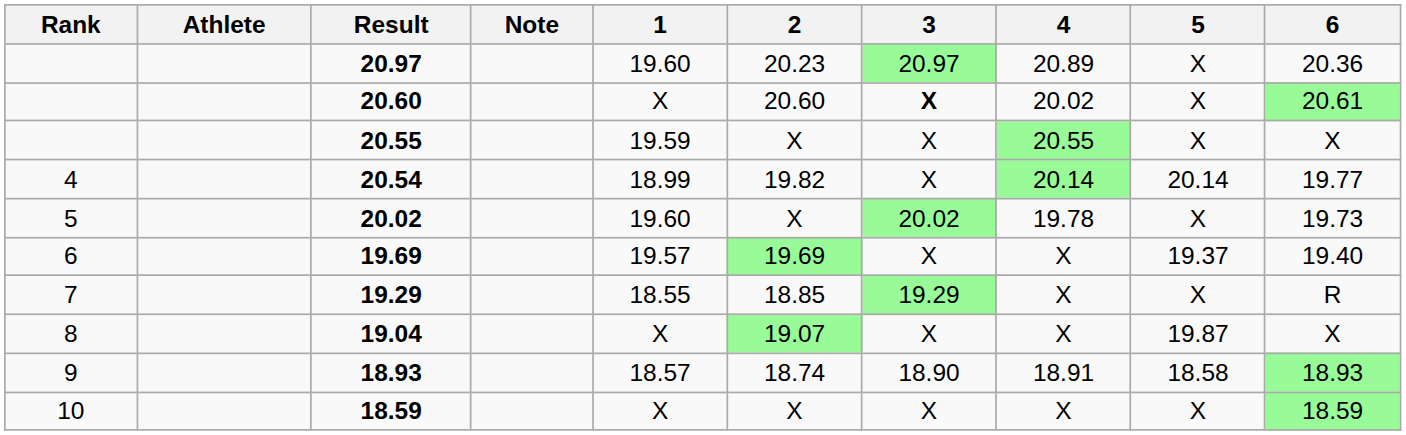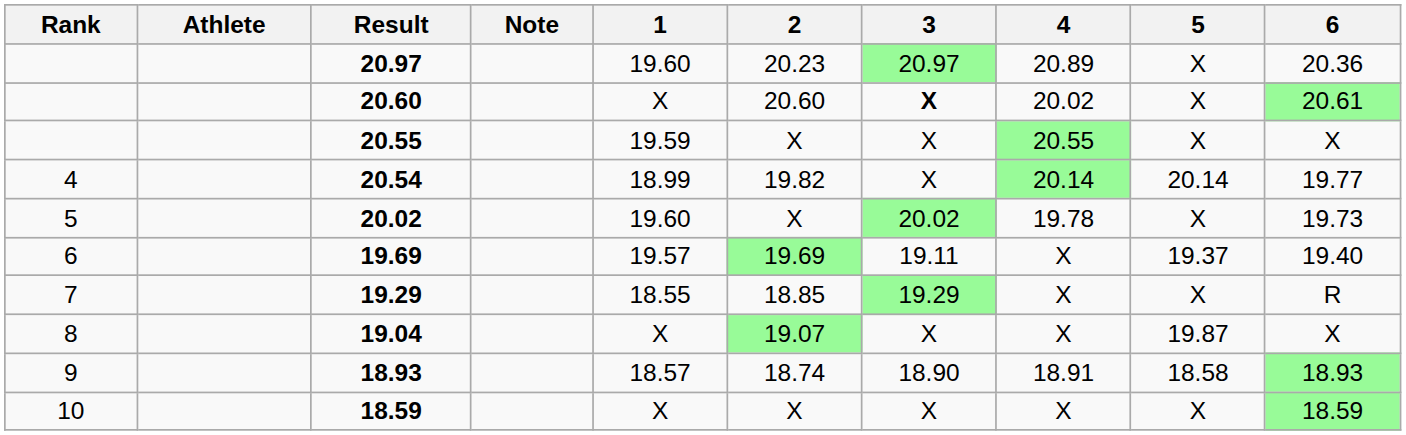 <table class="wikitable" width=65% style="font-size:90%; text-align:center;">
 <tr>
 <th>Rank</th>
 <th>Athlete</th>
 <th>Result</th>
 <th>Note</th>
 <th>1</th>
 <th>2</th>
 <th>3</th>
 <th>4</th>
 <th>5</th>
 <th>6</th>
 </tr>
 <tr>
 <td></td>
 <td align=left></td>
 <td><strong>20.97</strong></td>
 <td></td>
 <td>19.60</td>
 <td>20.23</td>
 <td bgcolor=palegreen>20.97</td>
 <td>20.89</td>
 <td>X</td>
 <td>20.36</td>
 </tr>
 <tr>
 <td></td>
 <td align=left></td>
 <td><strong>20.60</strong></td>
 <td></td>
 <td>X</td>
 <td>20.60</td>
 <td><strong>X</strong></td>
 <td>20.02</td>
 <td>X</td>
 <td bgcolor=palegreen>20.61</td>
 </tr>
 <tr>
 <td></td>
 <td align=left></td>
 <td><strong>20.55</strong></td>
 <td></td>
 <td>19.59</td>
 <td>X</td>
 <td>X</td>
 <td bgcolor=palegreen>20.55</td>
 <td>X</td>
 <td>X</td>
 </tr>
 <tr>
 <td>4</td>
 <td align=left></td>
 <td><strong>20.54</strong></td>
 <td></td>
 <td>18.99</td>
 <td>19.82</td>
 <td>X</td>
 <td bgcolor=palegreen>20.14</td>
 <td>20.14</td>
 <td>19.77</td>
 </tr>
 <tr>
 <td>5</td>
 <td align=left></td>
 <td><strong>20.02</strong></td>
 <td></td>
 <td>19.60</td>
 <td>X</td>
 <td bgcolor=palegreen>20.02</td>
 <td>19.78</td>
 <td>X</td>
 <td>19.73</td>
 </tr>
 <tr>
 <td>6</td>
 <td align=left></td>
 <td><strong>19.69</strong></td>
 <td></td>
 <td>19.57</td>
 <td bgcolor=palegreen>19.69</td>
-<td>X</td>
+<td>19.11</td>
 <td>X</td>
 <td>19.37</td>
 <td>19.40</td>
 </tr>
 <tr>
 <td>7</td>
 <td align=left></td>
 <td><strong>19.29</strong></td>
 <td></td>
 <td>18.55</td>
 <td>18.85</td>
 <td bgcolor=palegreen>19.29</td>
 <td>X</td>
 <td>X</td>
 <td>R</td>
 </tr>
 <tr>
 <td>8</td>
 <td align=left></td>
 <td><strong>19.04</strong></td>
 <td></td>
 <td>X</td>
 <td bgcolor=palegreen>19.07</td>
 <td>X</td>
 <td>X</td>
 <td>19.87</td>
 <td>X</td>
 </tr>
 <tr>
 <td>9</td>
 <td align=left></td>
 <td><strong>18.93</strong></td>
 <td></td>
 <td>18.57</td>
 <td>18.74</td>
 <td>18.90</td>
 <td>18.91</td>
 <td>18.58</td>
 <td bgcolor=palegreen>18.93</td>
 </tr>
 <tr>
 <td>10</td>
 <td align=left></td>
 <td><strong>18.59</strong></td>
 <td></td>
 <td>X</td>
 <td>X</td>
 <td>X</td>
 <td>X</td>
 <td>X</td>
 <td bgcolor=palegreen>18.59</td>
 </tr>
 </table>
